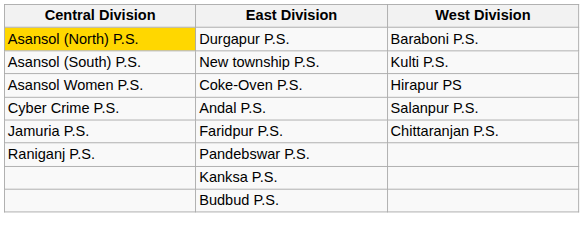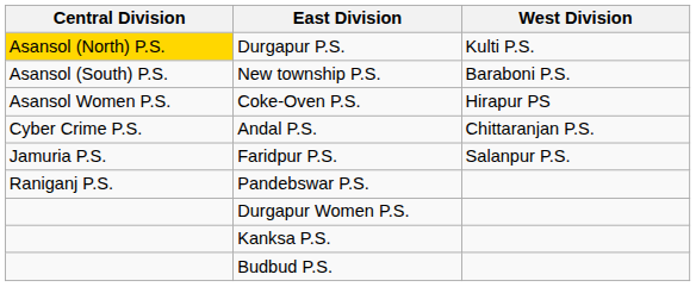 <table class="wikitable sortable collapsible plainrowheaders" style="-align:left; width:50%;">
 <tr>
 <th scope="col" style="width: 20%;">Central Division</th>
 <th scope="col" style="width: 20%;">East Division</th>
 <th scope="col" style="width: 20%;">West Division</th>
 </tr>
 <tr>
 <td style="background: gold;">Asansol (North) P.S.</td>
 <td>Durgapur P.S.</td>
-<td>Baraboni P.S.</td>
+<td>Kulti P.S.</td>
 </tr>
 <tr>
 <td>Asansol (South) P.S.</td>
 <td>New township P.S.</td>
-<td>Kulti P.S.</td>
+<td>Baraboni P.S.</td>
 </tr>
 <tr>
 <td>Asansol Women P.S.</td>
 <td>Coke-Oven P.S.</td>
 <td>Hirapur PS</td>
 </tr>
 <tr>
 <td>Cyber Crime P.S.</td>
 <td>Andal P.S.</td>
-<td>Salanpur P.S.</td>
+<td>Chittaranjan P.S.</td>
 </tr>
 <tr>
 <td>Jamuria P.S.</td>
 <td>Faridpur P.S.</td>
-<td>Chittaranjan P.S.</td>
+<td>Salanpur P.S.</td>
 </tr>
 <tr>
 <td>Raniganj P.S.</td>
 <td>Pandebswar P.S.</td>
+<td></td>
+</tr>
+<tr>
+<td></td>
+<td>Durgapur Women P.S.</td>
 <td></td>
 </tr>
 <tr>
 <td></td>
 <td>Kanksa P.S.</td>
 <td></td>
 </tr>
 <tr>
 <td></td>
 <td>Budbud P.S.</td>
 <td></td>
 </tr>
 </table>
